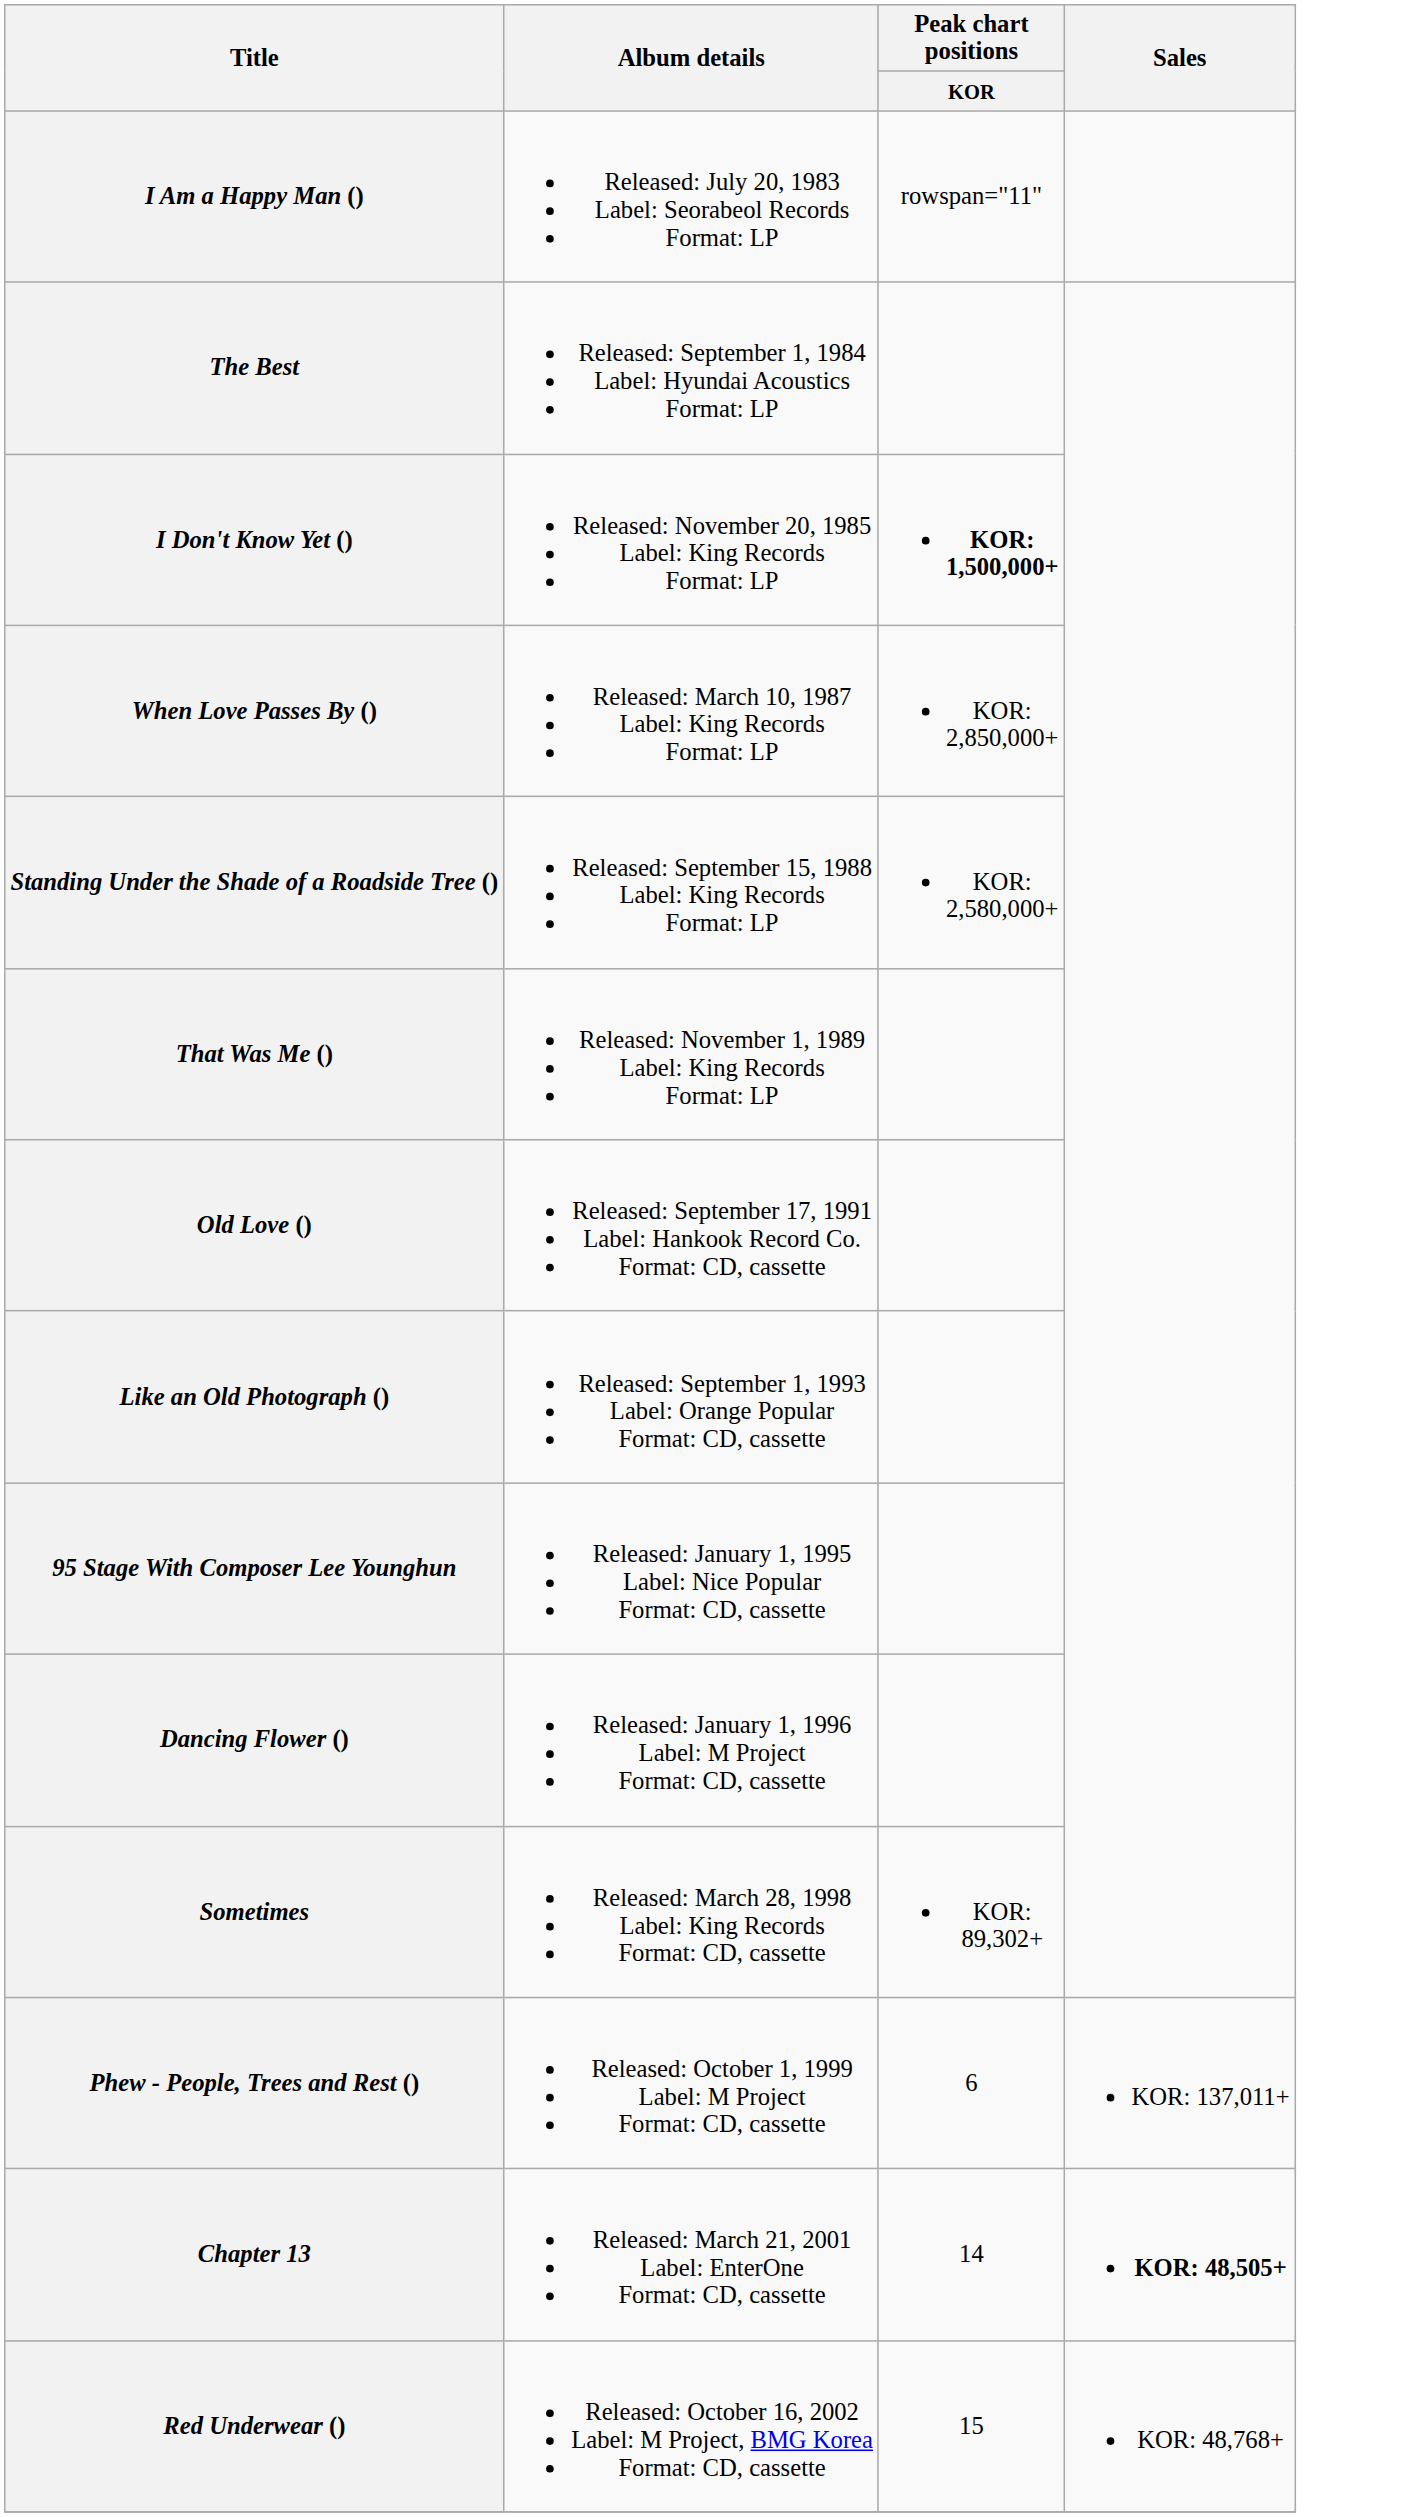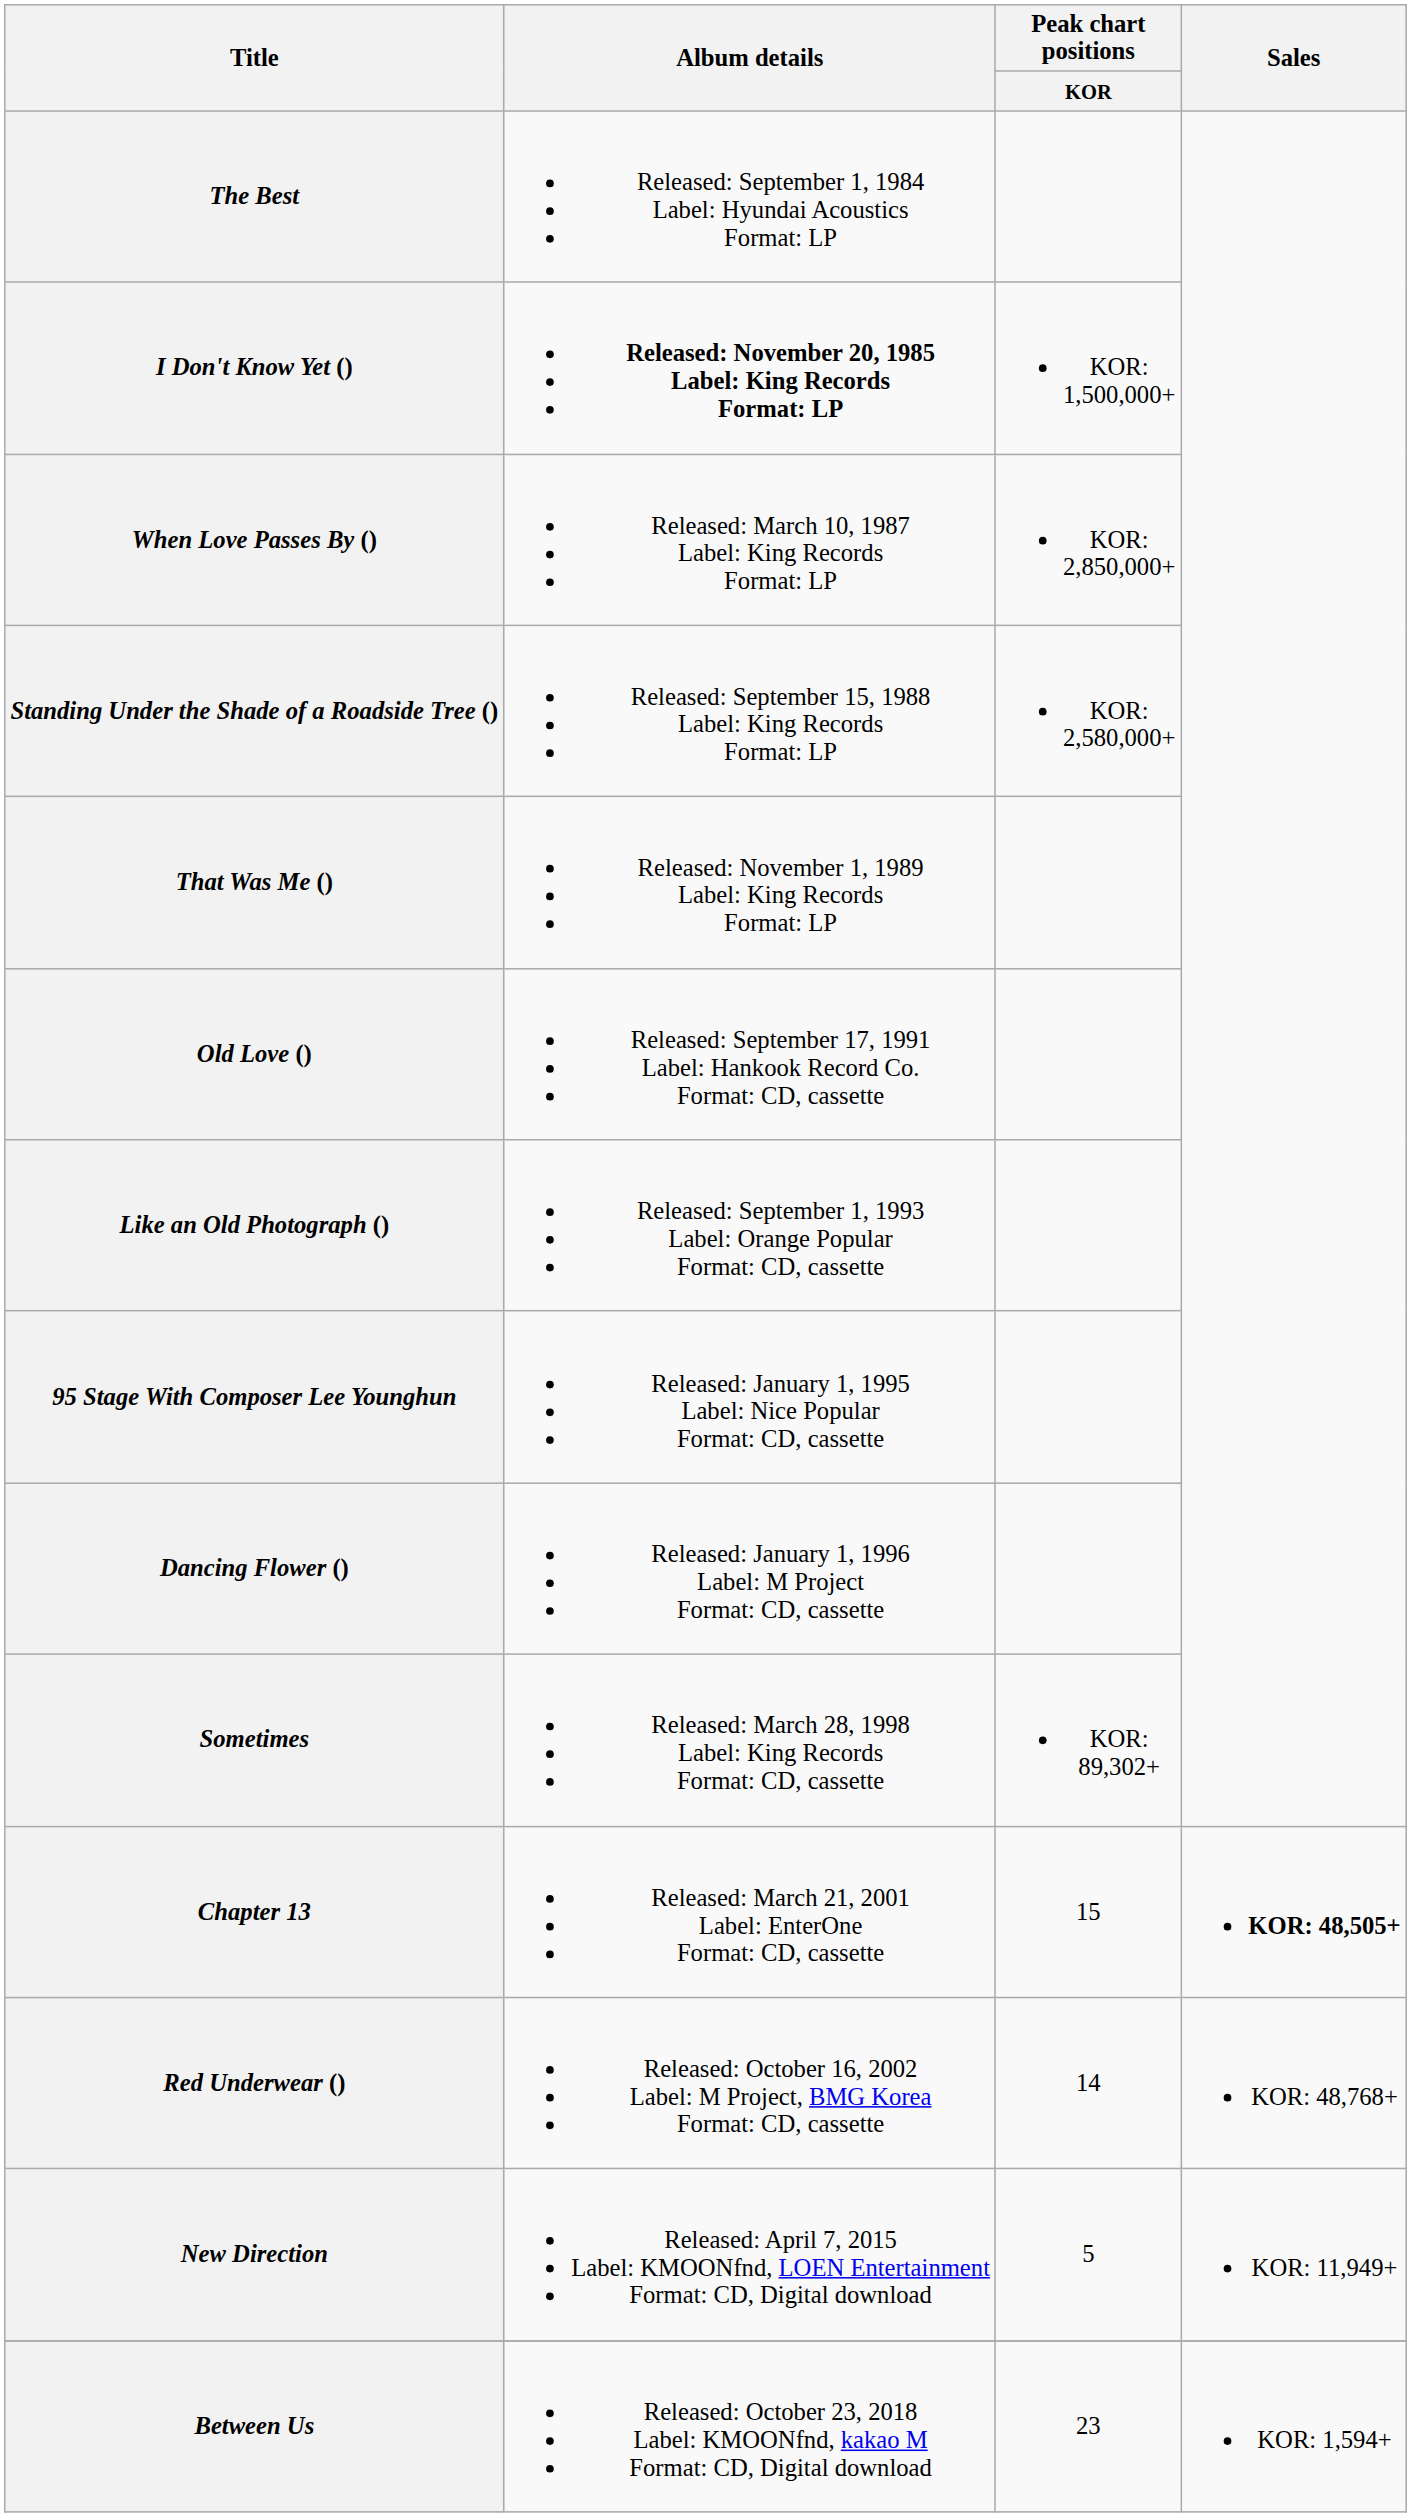 <table class="wikitable plainrowheaders" style="text-align:center;">
 <tr>
 <th scope="col" rowspan="2">Title</th>
 <th scope="col" rowspan="2">Album details</th>
 <th scope="col" colspan="1" style="width:5em;">Peak chart positions</th>
 <th scope="col" rowspan="2">Sales</th>
 </tr>
 <tr>
 <th><small>KOR</small><br></th>
 </tr>
 <tr>
-<th scope="row"><em>I Am a Happy Man</em> ()</th>
-<td><br><ul><li>Released: July 20, 1983</li><li>Label: Seorabeol Records</li><li>Format: LP</li></ul></td>
-<td>rowspan="11" </td>
-<td></td>
-</tr>
-<tr>
 <th scope="row"><em>The Best</em></th>
 <td><br><ul><li>Released: September 1, 1984</li><li>Label: Hyundai Acoustics</li><li>Format: LP</li></ul></td>
 <td></td>
 </tr>
 <tr>
 <th scope="row"><em>I Don't Know Yet</em> ()</th>
-<td><br><ul><li>Released: November 20, 1985</li><li>Label: King Records</li><li>Format: LP</li></ul></td>
-<td><strong><br><ul><li>KOR: 1,500,000+</li></ul></strong></td>
+<td><strong><br><ul><li>Released: November 20, 1985</li><li>Label: King Records</li><li>Format: LP</li></ul></strong></td>
+<td><br><ul><li>KOR: 1,500,000+</li></ul></td>
 </tr>
 <tr>
 <th scope="row"><em>When Love Passes By</em> ()</th>
 <td><br><ul><li>Released: March 10, 1987</li><li>Label: King Records</li><li>Format: LP</li></ul></td>
 <td><br><ul><li>KOR: 2,850,000+</li></ul></td>
 </tr>
 <tr>
 <th scope="row"><em>Standing Under the Shade of a Roadside Tree</em> ()</th>
 <td><br><ul><li>Released: September 15, 1988</li><li>Label: King Records</li><li>Format: LP</li></ul></td>
 <td><br><ul><li>KOR: 2,580,000+</li></ul></td>
 </tr>
 <tr>
 <th scope="row"><em>That Was Me</em> ()</th>
 <td><br><ul><li>Released: November 1, 1989</li><li>Label: King Records</li><li>Format: LP</li></ul></td>
 <td></td>
 </tr>
 <tr>
 <th scope="row"><em>Old Love</em> ()</th>
 <td><br><ul><li>Released: September 17, 1991</li><li>Label: Hankook Record Co.</li><li>Format: CD, cassette</li></ul></td>
 <td></td>
 </tr>
 <tr>
 <th scope="row"><em>Like an Old Photograph</em> ()</th>
 <td><br><ul><li>Released: September 1, 1993</li><li>Label: Orange Popular</li><li>Format: CD, cassette</li></ul></td>
 <td></td>
 </tr>
 <tr>
 <th scope="row"><em>95 Stage With Composer Lee Younghun</em></th>
 <td><br><ul><li>Released: January 1, 1995</li><li>Label: Nice Popular</li><li>Format: CD, cassette</li></ul></td>
 <td></td>
 </tr>
 <tr>
 <th scope="row"><em>Dancing Flower</em> ()</th>
 <td><br><ul><li>Released: January 1, 1996</li><li>Label: M Project</li><li>Format: CD, cassette</li></ul></td>
 <td></td>
 </tr>
 <tr>
 <th scope="row"><em>Sometimes</em></th>
 <td><br><ul><li>Released: March 28, 1998</li><li>Label: King Records</li><li>Format: CD, cassette</li></ul></td>
 <td><br><ul><li>KOR: 89,302+</li></ul></td>
 </tr>
 <tr>
-<th scope="row"><em>Phew - People, Trees and Rest</em> ()</th>
-<td><br><ul><li>Released: October 1, 1999</li><li>Label: M Project</li><li>Format: CD, cassette</li></ul></td>
-<td>6</td>
-<td><br><ul><li>KOR: 137,011+</li></ul></td>
-</tr>
-<tr>
 <th scope="row"><em>Chapter 13</em></th>
 <td><br><ul><li>Released: March 21, 2001</li><li>Label: EnterOne</li><li>Format: CD, cassette</li></ul></td>
-<td>14</td>
+<td>15</td>
 <td><strong><br><ul><li>KOR: 48,505+</li></ul></strong></td>
 </tr>
 <tr>
 <th scope="row"><em>Red Underwear</em> ()</th>
 <td><br><ul><li>Released: October 16, 2002</li><li>Label: M Project, <a href='#'>BMG Korea</a></li><li>Format: CD, cassette</li></ul></td>
-<td>15</td>
+<td>14</td>
 <td><br><ul><li>KOR: 48,768+</li></ul></td>
 </tr>
 <tr>
+<th scope="row"><em>New Direction</em></th>
+<td><br><ul><li>Released: April 7, 2015</li><li>Label: KMOONfnd, <a href='#'>LOEN Entertainment</a></li><li>Format: CD, Digital download</li></ul></td>
+<td>5</td>
+<td><br><ul><li>KOR: 11,949+</li></ul></td>
+</tr>
+<tr>
+</tr>
+<tr>
+<th scope="row"><em>Between Us</em></th>
+<td><br><ul><li>Released: October 23, 2018</li><li>Label: KMOONfnd, <a href='#'>kakao M</a></li><li>Format: CD, Digital download</li></ul></td>
+<td>23</td>
+<td><br><ul><li>KOR: 1,594+</li></ul></td>
 </tr>
 </table>
